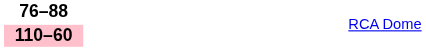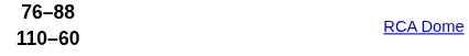 <table style="text-align:center">
 <tr>
 <th width=200></th>
 <th width=30></th>
 <th width=70></th>
 <th width=30></th>
 <th width=200></th>
 <th></th>
 </tr>
 <tr>
 <td align=right><strong></strong></td>
 <td></td>
 <td><strong>76–88</strong></td>
 <td></td>
 <td align=left><strong></strong></td>
 <td align=left rowspan=2><small><a href='#'>RCA Dome</a></small></td>
 </tr>
 <tr>
 <td align=right><strong></strong></td>
 <td></td>
-<td style="background: pink;"><strong>110–60</strong></td>
+<td><strong>110–60</strong></td>
 <td></td>
 <td align=left><strong></strong></td>
 </tr>
 </table>
